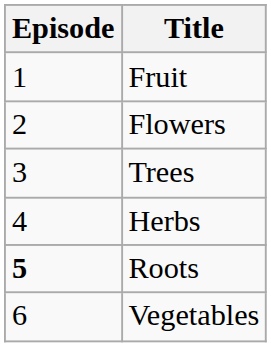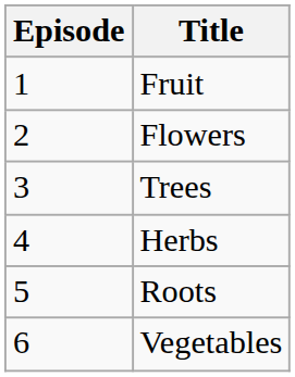 <table class="wikitable">
 <tr>
 <th>Episode</th>
 <th>Title</th>
 </tr>
 <tr>
 <td>1</td>
 <td>Fruit</td>
 </tr>
 <tr>
 <td>2</td>
 <td>Flowers</td>
 </tr>
 <tr>
 <td>3</td>
 <td>Trees</td>
 </tr>
 <tr>
 <td>4</td>
 <td>Herbs</td>
 </tr>
 <tr>
-<td><strong>5</strong></td>
+<td>5</td>
 <td>Roots</td>
 </tr>
 <tr>
 <td>6</td>
 <td>Vegetables</td>
 </tr>
 </table>
